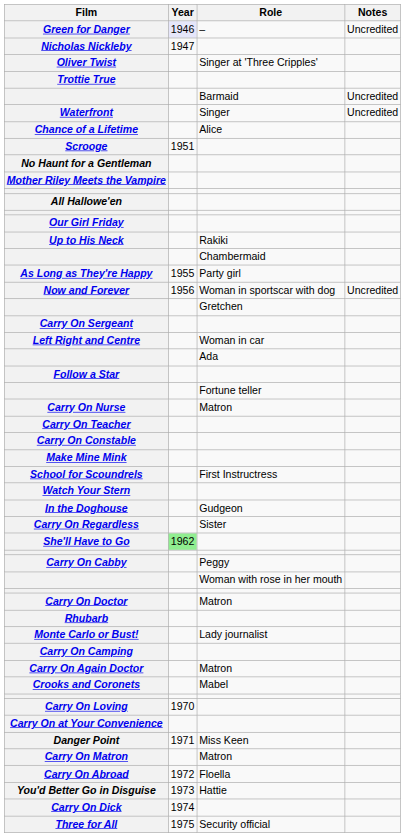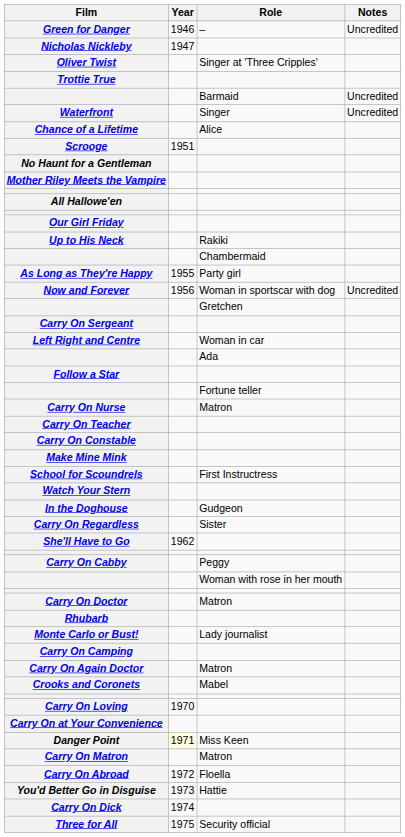 <table class="wikitable plainrowheaders sortable" style="margin-right: 0;">
 <tr>
 <th scope="col">Film</th>
 <th scope="col">Year</th>
 <th scope="col">Role</th>
 <th scope="col" class="unsortable">Notes</th>
 </tr>
 <tr>
 <th scope="row"><em><a href='#'>Green for Danger</a></em></th>
-<td style="background: lavender;">1946</td>
+<td>1946</td>
 <td>–</td>
 <td>Uncredited</td>
 </tr>
 <tr>
 <th scope="row"><em><a href='#'>Nicholas Nickleby</a></em></th>
 <td>1947</td>
 <td></td>
 <td></td>
 </tr>
 <tr>
 <th scope="row"><em><a href='#'>Oliver Twist</a></em></th>
 <td></td>
 <td>Singer at 'Three Cripples'</td>
 <td></td>
 </tr>
 <tr>
 <th scope="row"><em><a href='#'>Trottie True</a></em></th>
 <td></td>
 <td></td>
 <td></td>
 </tr>
 <tr>
 <th scope="row"></th>
 <td></td>
 <td>Barmaid</td>
 <td>Uncredited</td>
 </tr>
 <tr>
 <th scope="row"><em><a href='#'>Waterfront</a></em></th>
 <td></td>
 <td>Singer</td>
 <td>Uncredited</td>
 </tr>
 <tr>
 <th scope="row"><em><a href='#'>Chance of a Lifetime</a></em></th>
 <td></td>
 <td>Alice</td>
 <td></td>
 </tr>
 <tr>
 <th scope="row"><em><a href='#'>Scrooge</a></em></th>
 <td>1951</td>
 <td></td>
 <td></td>
 </tr>
 <tr>
 <th scope="row"><em>No Haunt for a Gentleman </em></th>
 <td></td>
 <td></td>
 <td></td>
 </tr>
 <tr>
 <th scope="row"><em><a href='#'>Mother Riley Meets the Vampire</a></em></th>
 <td></td>
 <td></td>
 <td></td>
 </tr>
 <tr>
 <th scope="row"></th>
 <td></td>
 <td></td>
 <td></td>
 </tr>
 <tr>
 <th scope="row"><em>All Hallowe'en</em></th>
 <td></td>
 <td></td>
 <td></td>
 </tr>
 <tr>
 <th scope="row"></th>
 <td></td>
 <td></td>
 <td></td>
 </tr>
 <tr>
 <th scope="row"><em><a href='#'>Our Girl Friday</a></em></th>
 <td></td>
 <td></td>
 <td></td>
 </tr>
 <tr>
 <th scope="row"><em><a href='#'>Up to His Neck</a></em></th>
 <td></td>
 <td>Rakiki</td>
 <td></td>
 </tr>
 <tr>
 <th scope="row"></th>
 <td></td>
 <td>Chambermaid</td>
 <td></td>
 </tr>
 <tr>
 <th scope="row"><em><a href='#'>As Long as They're Happy</a></em></th>
 <td>1955</td>
 <td>Party girl</td>
 <td></td>
 </tr>
 <tr>
 <th scope="row"><em><a href='#'>Now and Forever</a></em></th>
 <td>1956</td>
 <td>Woman in sportscar with dog</td>
 <td>Uncredited</td>
 </tr>
 <tr>
 <th scope="row"></th>
 <td></td>
 <td>Gretchen</td>
 <td></td>
 </tr>
 <tr>
 <th scope="row"><em><a href='#'>Carry On Sergeant</a></em></th>
 <td></td>
 <td></td>
 <td></td>
 </tr>
 <tr>
 <th scope="row"><em><a href='#'>Left Right and Centre</a></em></th>
 <td></td>
 <td>Woman in car</td>
 <td></td>
 </tr>
 <tr>
 <th scope="row"></th>
 <td></td>
 <td>Ada</td>
 <td></td>
 </tr>
 <tr>
 <th scope="row"><em><a href='#'>Follow a Star</a></em></th>
 <td></td>
 <td></td>
 <td></td>
 </tr>
 <tr>
 <th scope="row"></th>
 <td></td>
 <td>Fortune teller</td>
 <td></td>
 </tr>
 <tr>
 <th scope="row"><em><a href='#'>Carry On Nurse</a></em></th>
 <td></td>
 <td>Matron</td>
 <td></td>
 </tr>
 <tr>
 <th scope="row"><em><a href='#'>Carry On Teacher</a></em></th>
 <td></td>
 <td></td>
 <td></td>
 </tr>
 <tr>
 <th scope="row"><em><a href='#'>Carry On Constable</a></em></th>
 <td></td>
 <td></td>
 <td></td>
 </tr>
 <tr>
 <th scope="row"><em><a href='#'>Make Mine Mink</a></em></th>
 <td></td>
 <td></td>
 <td></td>
 </tr>
 <tr>
 <th scope="row"><em><a href='#'>School for Scoundrels</a></em></th>
 <td></td>
 <td>First Instructress</td>
 <td></td>
 </tr>
 <tr>
 <th scope="row"><em><a href='#'>Watch Your Stern</a></em></th>
 <td></td>
 <td></td>
 <td></td>
 </tr>
 <tr>
 <th scope="row"><em><a href='#'>In the Doghouse</a></em></th>
 <td></td>
 <td>Gudgeon</td>
 <td></td>
 </tr>
 <tr>
 <th scope="row"><em><a href='#'>Carry On Regardless</a></em></th>
 <td></td>
 <td>Sister</td>
 <td></td>
 </tr>
 <tr>
 <th scope="row"><em><a href='#'>She'll Have to Go</a></em></th>
-<td style="background: lightgreen;">1962</td>
+<td>1962</td>
 <td></td>
 <td></td>
 </tr>
 <tr>
 <th scope="row"></th>
 <td></td>
 <td></td>
 <td></td>
 </tr>
 <tr>
 <th scope="row"><em><a href='#'>Carry On Cabby</a></em></th>
 <td></td>
 <td>Peggy</td>
 <td></td>
 </tr>
 <tr>
 <th scope="row"></th>
 <td></td>
 <td>Woman with rose in her mouth</td>
 <td></td>
 </tr>
 <tr>
 <th scope="row"></th>
 <td></td>
 <td></td>
 <td></td>
 </tr>
 <tr>
 <th scope="row"><em><a href='#'>Carry On Doctor</a></em></th>
 <td></td>
 <td>Matron</td>
 <td></td>
 </tr>
 <tr>
 <th scope="row"><em><a href='#'>Rhubarb</a></em></th>
 <td></td>
 <td></td>
 <td></td>
 </tr>
 <tr>
 <th scope="row"><em><a href='#'>Monte Carlo or Bust!</a></em></th>
 <td></td>
 <td>Lady journalist</td>
 <td></td>
 </tr>
 <tr>
 <th scope="row"><em><a href='#'>Carry On Camping</a></em></th>
 <td></td>
 <td></td>
 <td></td>
 </tr>
 <tr>
 <th scope="row"><em><a href='#'>Carry On Again Doctor</a></em></th>
 <td></td>
 <td>Matron</td>
 <td></td>
 </tr>
 <tr>
 <th scope="row"><em><a href='#'>Crooks and Coronets</a></em></th>
 <td></td>
 <td>Mabel</td>
 <td></td>
 </tr>
 <tr>
 <th scope="row"></th>
 <td></td>
 <td></td>
 <td></td>
 </tr>
 <tr>
 <th scope="row"><em><a href='#'>Carry On Loving</a></em></th>
 <td>1970</td>
 <td></td>
 <td></td>
 </tr>
 <tr>
 <th scope="row"><em><a href='#'>Carry On at Your Convenience</a></em></th>
 <td></td>
 <td></td>
 <td></td>
 </tr>
 <tr>
 <th scope="row"><em>Danger Point</em></th>
-<td>1971</td>
+<td style="background: lightyellow;">1971</td>
 <td>Miss Keen</td>
 <td></td>
 </tr>
 <tr>
 <th scope="row"><em><a href='#'>Carry On Matron</a></em></th>
 <td></td>
 <td>Matron</td>
 <td></td>
 </tr>
 <tr>
 <th scope="row"><em><a href='#'>Carry On Abroad</a></em></th>
 <td>1972</td>
 <td>Floella</td>
 <td></td>
 </tr>
 <tr>
 <th scope="row"><em>You'd Better Go in Disguise</em></th>
 <td>1973</td>
 <td>Hattie</td>
 <td></td>
 </tr>
 <tr>
 <th scope="row"><em><a href='#'>Carry On Dick</a></em></th>
 <td>1974</td>
 <td></td>
 <td></td>
 </tr>
 <tr>
 <th scope="row"><em><a href='#'>Three for All</a></em></th>
 <td>1975</td>
 <td>Security official</td>
 <td></td>
 </tr>
 </table>
